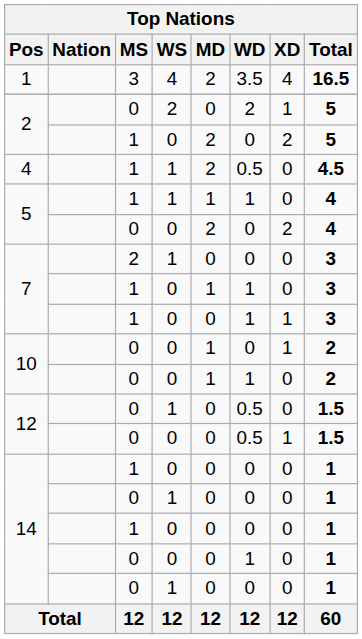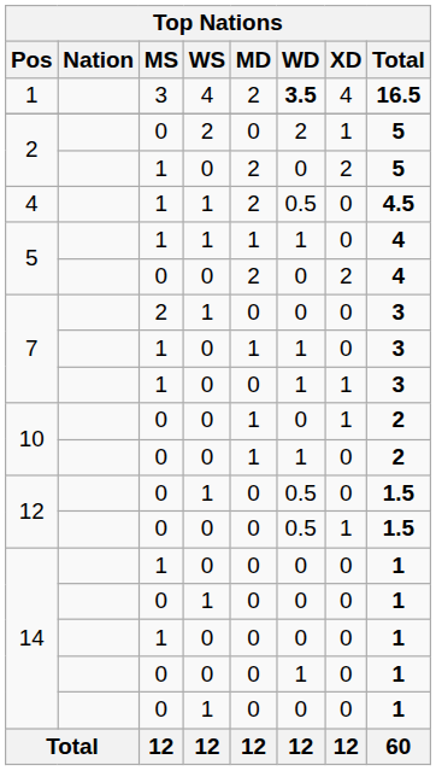 <table class="wikitable" style="text-align:center">
 <tr>
 <th colspan="10">Top Nations</th>
 </tr>
 <tr>
 <th>Pos</th>
 <th>Nation</th>
 <th>MS</th>
 <th>WS</th>
 <th>MD</th>
 <th>WD</th>
 <th>XD</th>
 <th>Total</th>
 </tr>
 <tr>
 <td>1</td>
 <td align="left"><strong></strong></td>
 <td>3</td>
 <td>4</td>
 <td>2</td>
-<td>3.5</td>
+<td><strong>3.5</strong></td>
 <td>4</td>
 <td><strong>16.5</strong></td>
 </tr>
 <tr>
 </tr>
 <tr>
 <td rowspan=2>2</td>
 <td align="left"></td>
 <td>0</td>
 <td>2</td>
 <td>0</td>
 <td>2</td>
 <td>1</td>
 <td><strong>5</strong></td>
 </tr>
 <tr>
 <td align="left"></td>
 <td>1</td>
 <td>0</td>
 <td>2</td>
 <td>0</td>
 <td>2</td>
 <td><strong>5</strong></td>
 </tr>
 <tr>
 <td>4</td>
 <td align="left"></td>
 <td>1</td>
 <td>1</td>
 <td>2</td>
 <td>0.5</td>
 <td>0</td>
 <td><strong>4.5</strong></td>
 </tr>
 <tr>
 <td rowspan=2>5</td>
 <td align="left"></td>
 <td>1</td>
 <td>1</td>
 <td>1</td>
 <td>1</td>
 <td>0</td>
 <td><strong>4</strong></td>
 </tr>
 <tr>
 <td align="left"></td>
 <td>0</td>
 <td>0</td>
 <td>2</td>
 <td>0</td>
 <td>2</td>
 <td><strong>4</strong></td>
 </tr>
 <tr>
 <td rowspan=3>7</td>
 <td align="left"></td>
 <td>2</td>
 <td>1</td>
 <td>0</td>
 <td>0</td>
 <td>0</td>
 <td><strong>3</strong></td>
 </tr>
 <tr>
 <td align="left"></td>
 <td>1</td>
 <td>0</td>
 <td>1</td>
 <td>1</td>
 <td>0</td>
 <td><strong>3</strong></td>
 </tr>
 <tr>
 <td align="left"></td>
 <td>1</td>
 <td>0</td>
 <td>0</td>
 <td>1</td>
 <td>1</td>
 <td><strong>3</strong></td>
 </tr>
 <tr>
 <td rowspan=2>10</td>
 <td align="left"></td>
 <td>0</td>
 <td>0</td>
 <td>1</td>
 <td>0</td>
 <td>1</td>
 <td><strong>2</strong></td>
 </tr>
 <tr>
 <td align="left"></td>
 <td>0</td>
 <td>0</td>
 <td>1</td>
 <td>1</td>
 <td>0</td>
 <td><strong>2</strong></td>
 </tr>
 <tr>
 <td rowspan=2>12</td>
 <td align="left"></td>
 <td>0</td>
 <td>1</td>
 <td>0</td>
 <td>0.5</td>
 <td>0</td>
 <td><strong>1.5</strong></td>
 </tr>
 <tr>
 <td align="left"></td>
 <td>0</td>
 <td>0</td>
 <td>0</td>
 <td>0.5</td>
 <td>1</td>
 <td><strong>1.5</strong></td>
 </tr>
 <tr>
 <td rowspan=5>14</td>
 <td align="left"></td>
 <td>1</td>
 <td>0</td>
 <td>0</td>
 <td>0</td>
 <td>0</td>
 <td><strong>1</strong></td>
 </tr>
 <tr>
 <td align="left"></td>
 <td>0</td>
 <td>1</td>
 <td>0</td>
 <td>0</td>
 <td>0</td>
 <td><strong>1</strong></td>
 </tr>
 <tr>
 <td align="left"></td>
 <td>1</td>
 <td>0</td>
 <td>0</td>
 <td>0</td>
 <td>0</td>
 <td><strong>1</strong></td>
 </tr>
 <tr>
 <td align="left"></td>
 <td>0</td>
 <td>0</td>
 <td>0</td>
 <td>1</td>
 <td>0</td>
 <td><strong>1</strong></td>
 </tr>
 <tr>
 <td align="left"></td>
 <td>0</td>
 <td>1</td>
 <td>0</td>
 <td>0</td>
 <td>0</td>
 <td><strong>1</strong></td>
 </tr>
 <tr>
 <th colspan="2">Total</th>
 <th>12</th>
 <th>12</th>
 <th>12</th>
 <th>12</th>
 <th>12</th>
 <th>60</th>
 </tr>
 </table>
